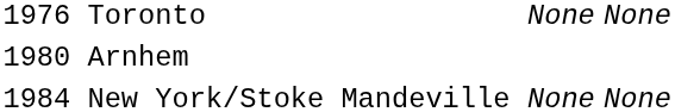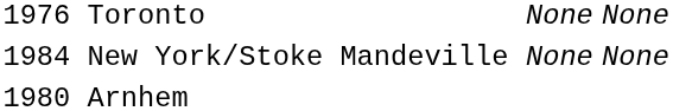 <table>
 <tr>
 <td>1976 Toronto <br></td>
+<td></td>
+<td><em>None</em></td>
+<td><em>None</em></td>
+</tr>
+<tr>
+<td>1984 New York/Stoke Mandeville <br></td>
 <td></td>
 <td><em>None</em></td>
 <td><em>None</em></td>
 </tr>
 <tr>
 <td>1980 Arnhem <br></td>
 <td></td>
 <td></td>
 <td></td>
 </tr>
-<tr>
-<td>1984 New York/Stoke Mandeville <br></td>
-<td></td>
-<td><em>None</em></td>
-<td><em>None</em></td>
-</tr>
 </table>
